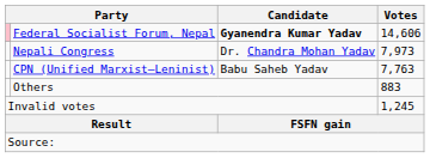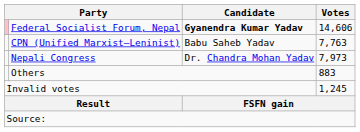 <table class="wikitable">
 <tr>
 <th colspan="2">Party</th>
 <th>Candidate</th>
 <th>Votes</th>
 </tr>
 <tr>
 <td style="background-color:#ffc0cb"></td>
 <td><a href='#'>Federal Socialist Forum, Nepal</a></td>
 <td><strong>Gyanendra Kumar Yadav</strong></td>
 <td>14,606</td>
 </tr>
 <tr>
 <td style="background-color:"></td>
+<td><a href='#'>CPN (Unified Marxist–Leninist)</a></td>
+<td>Babu Saheb Yadav</td>
+<td>7,763</td>
+</tr>
+<tr>
+<td style="background-color:"></td>
 <td><a href='#'>Nepali Congress</a></td>
 <td>Dr. <a href='#'>Chandra Mohan Yadav</a></td>
 <td>7,973</td>
-</tr>
-<tr>
-<td style="background-color:"></td>
-<td><a href='#'>CPN (Unified Marxist–Leninist)</a></td>
-<td>Babu Saheb Yadav</td>
-<td>7,763</td>
 </tr>
 <tr>
 <td></td>
 <td colspan="2">Others</td>
 <td>883</td>
 </tr>
 <tr>
 <td colspan="3">Invalid votes</td>
 <td>1,245</td>
 </tr>
 <tr>
 <th colspan="2">Result</th>
 <th colspan="2">FSFN gain</th>
 </tr>
 <tr>
 <td colspan="4">Source: </td>
 </tr>
 </table>
